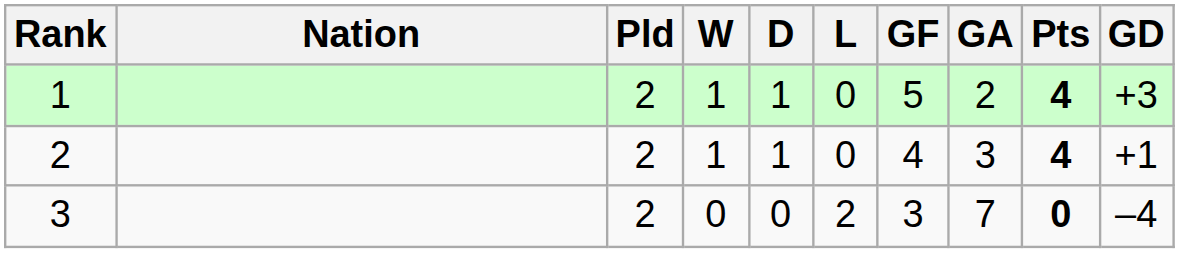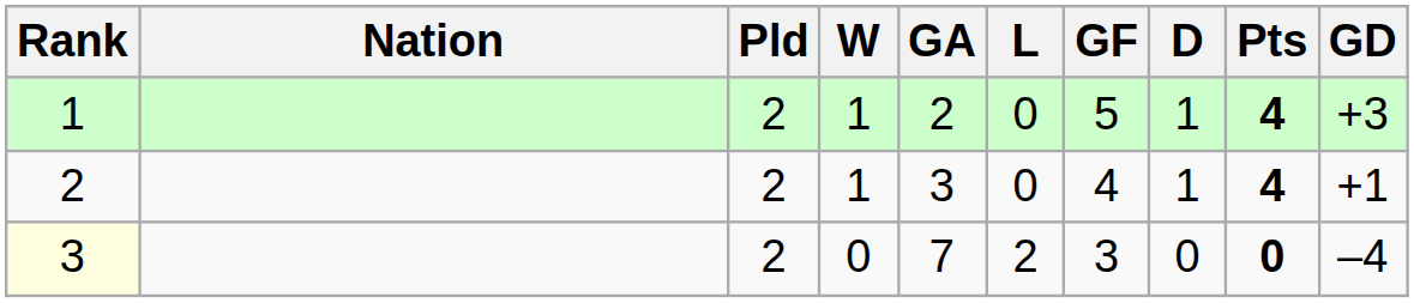 <table class="wikitable" style="text-align: center;">
 <tr>
 <th width=5>Rank</th>
 <th width=200>Nation</th>
 <th width=20>Pld</th>
 <th width=20>W</th>
-<th width=20>D</th>
+<th width=20>GA</th>
 <th width=20>L</th>
 <th width=20>GF</th>
-<th width=20>GA</th>
+<th width=20>D</th>
 <th width=20>Pts</th>
 <th width=20>GD</th>
 </tr>
 <tr style="background:#ccffcc">
 <td>1</td>
 <td align=left></td>
 <td>2</td>
 <td>1</td>
-<td>1</td>
+<td>2</td>
 <td>0</td>
 <td>5</td>
-<td>2</td>
+<td>1</td>
 <td><strong>4</strong></td>
 <td>+3</td>
 </tr>
 <tr>
 <td>2</td>
 <td align=left></td>
 <td>2</td>
 <td>1</td>
-<td>1</td>
+<td>3</td>
 <td>0</td>
 <td>4</td>
-<td>3</td>
+<td>1</td>
 <td><strong>4</strong></td>
 <td>+1</td>
 </tr>
 <tr>
-<td>3</td>
+<td style="background: lightyellow;">3</td>
 <td align=left></td>
 <td>2</td>
 <td>0</td>
-<td>0</td>
+<td>7</td>
 <td>2</td>
 <td>3</td>
-<td>7</td>
+<td>0</td>
 <td><strong>0</strong></td>
 <td>–4</td>
 </tr>
 </table>
